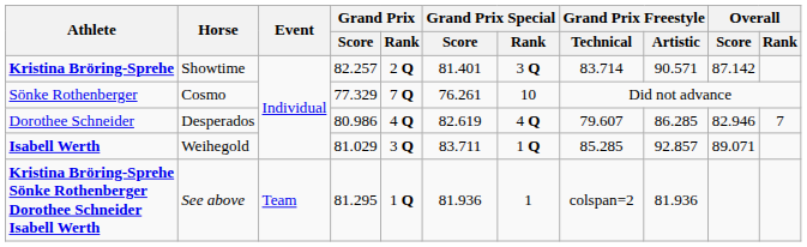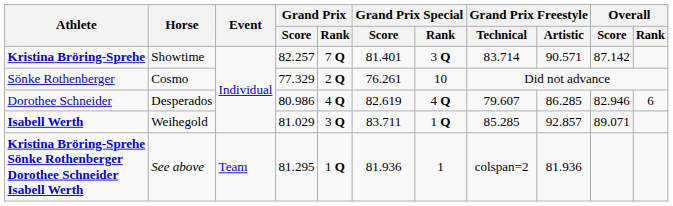 <table class=wikitable style="font-size:90%">
 <tr>
 <th rowspan="2">Athlete</th>
 <th rowspan="2">Horse</th>
 <th rowspan="2">Event</th>
 <th colspan="2">Grand Prix</th>
 <th colspan="2">Grand Prix Special</th>
 <th colspan="2">Grand Prix Freestyle</th>
 <th colspan="2">Overall</th>
 </tr>
 <tr style="font-size:95%">
 <th>Score</th>
 <th>Rank</th>
 <th>Score</th>
 <th>Rank</th>
 <th>Technical</th>
 <th>Artistic</th>
 <th>Score</th>
 <th>Rank</th>
 </tr>
 <tr align=center>
 <td align=left><strong><a href='#'>Kristina Bröring-Sprehe</a></strong></td>
 <td align=left>Showtime</td>
 <td rowspan=4 align=left><a href='#'>Individual</a></td>
 <td>82.257</td>
-<td>2 <strong>Q</strong></td>
+<td>7 <strong>Q</strong></td>
 <td>81.401</td>
 <td>3 <strong>Q</strong></td>
 <td>83.714</td>
 <td>90.571</td>
 <td>87.142</td>
 <td></td>
 </tr>
 <tr align=center>
 <td align=left><a href='#'>Sönke Rothenberger</a></td>
 <td align=left>Cosmo</td>
 <td>77.329</td>
-<td>7 <strong>Q</strong></td>
+<td>2 <strong>Q</strong></td>
 <td>76.261</td>
 <td>10</td>
 <td colspan=4>Did not advance</td>
 </tr>
 <tr align=center>
 <td align=left><a href='#'>Dorothee Schneider</a></td>
 <td align=left>Desperados</td>
 <td>80.986</td>
 <td>4 <strong>Q</strong></td>
 <td>82.619</td>
 <td>4 <strong>Q</strong></td>
 <td>79.607</td>
 <td>86.285</td>
 <td>82.946</td>
-<td>7</td>
+<td>6</td>
 </tr>
 <tr align=center>
 <td align=left><strong><a href='#'>Isabell Werth</a></strong></td>
 <td align=left>Weihegold</td>
 <td>81.029</td>
 <td>3 <strong>Q</strong></td>
 <td>83.711</td>
 <td>1 <strong>Q</strong></td>
 <td>85.285</td>
 <td>92.857</td>
 <td>89.071</td>
 <td></td>
 </tr>
 <tr align=center>
 <td align=left><strong><a href='#'>Kristina Bröring-Sprehe</a><br><a href='#'>Sönke Rothenberger</a><br><a href='#'>Dorothee Schneider</a><br><a href='#'>Isabell Werth</a></strong></td>
 <td align=left><em>See above</em></td>
 <td align=left><a href='#'>Team</a></td>
 <td>81.295</td>
 <td>1 <strong>Q</strong></td>
 <td>81.936</td>
 <td>1</td>
 <td>colspan=2 </td>
 <td>81.936</td>
 <td></td>
 </tr>
 </table>
